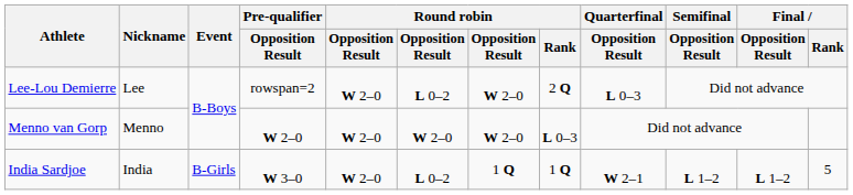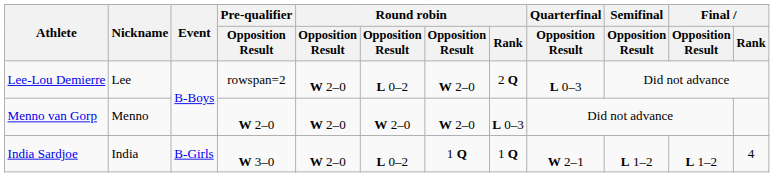 <table class="wikitable" style="font-size:90%">
 <tr>
 <th rowspan=2>Athlete</th>
 <th rowspan=2>Nickname</th>
 <th rowspan=2>Event</th>
 <th>Pre-qualifier</th>
 <th colspan=4>Round robin</th>
 <th>Quarterfinal</th>
 <th>Semifinal</th>
 <th colspan=2>Final / </th>
 </tr>
 <tr style="font-size: 95%">
 <th>Opposition<br>Result</th>
 <th>Opposition<br>Result</th>
 <th>Opposition<br>Result</th>
 <th>Opposition<br>Result</th>
 <th>Rank</th>
 <th>Opposition<br>Result</th>
 <th>Opposition<br>Result</th>
 <th>Opposition<br>Result</th>
 <th>Rank</th>
 </tr>
 <tr align=center>
 <td align=left><a href='#'>Lee-Lou Demierre</a></td>
 <td align=left>Lee</td>
 <td align=left rowspan=2><a href='#'>B-Boys</a></td>
 <td>rowspan=2 </td>
 <td><br><strong>W</strong> 2–0</td>
 <td><br><strong>L</strong> 0–2</td>
 <td><br><strong>W</strong> 2–0</td>
 <td>2 <strong>Q</strong></td>
 <td><br><strong>L</strong> 0–3</td>
 <td colspan=3>Did not advance</td>
 </tr>
 <tr align=center>
 <td align=left><a href='#'>Menno van Gorp</a></td>
 <td align=left>Menno</td>
 <td><br><strong>W</strong> 2–0</td>
 <td><br><strong>W</strong> 2–0</td>
 <td><br><strong>W</strong> 2–0</td>
 <td><br><strong>W</strong> 2–0</td>
 <td><br><strong>L</strong> 0–3</td>
 <td colspan=3>Did not advance</td>
 </tr>
 <tr align=center>
 <td align=left><a href='#'>India Sardjoe</a></td>
 <td align=left>India</td>
 <td align=left><a href='#'>B-Girls</a></td>
 <td><br><strong>W</strong> 3–0</td>
 <td><br><strong>W</strong> 2–0</td>
 <td><br><strong>L</strong> 0–2</td>
 <td>1 <strong>Q</strong></td>
 <td>1 <strong>Q</strong></td>
 <td><br><strong>W</strong> 2–1</td>
 <td><br><strong>L</strong> 1–2</td>
 <td><br><strong>L</strong> 1–2</td>
-<td>5</td>
+<td>4</td>
 </tr>
 </table>
